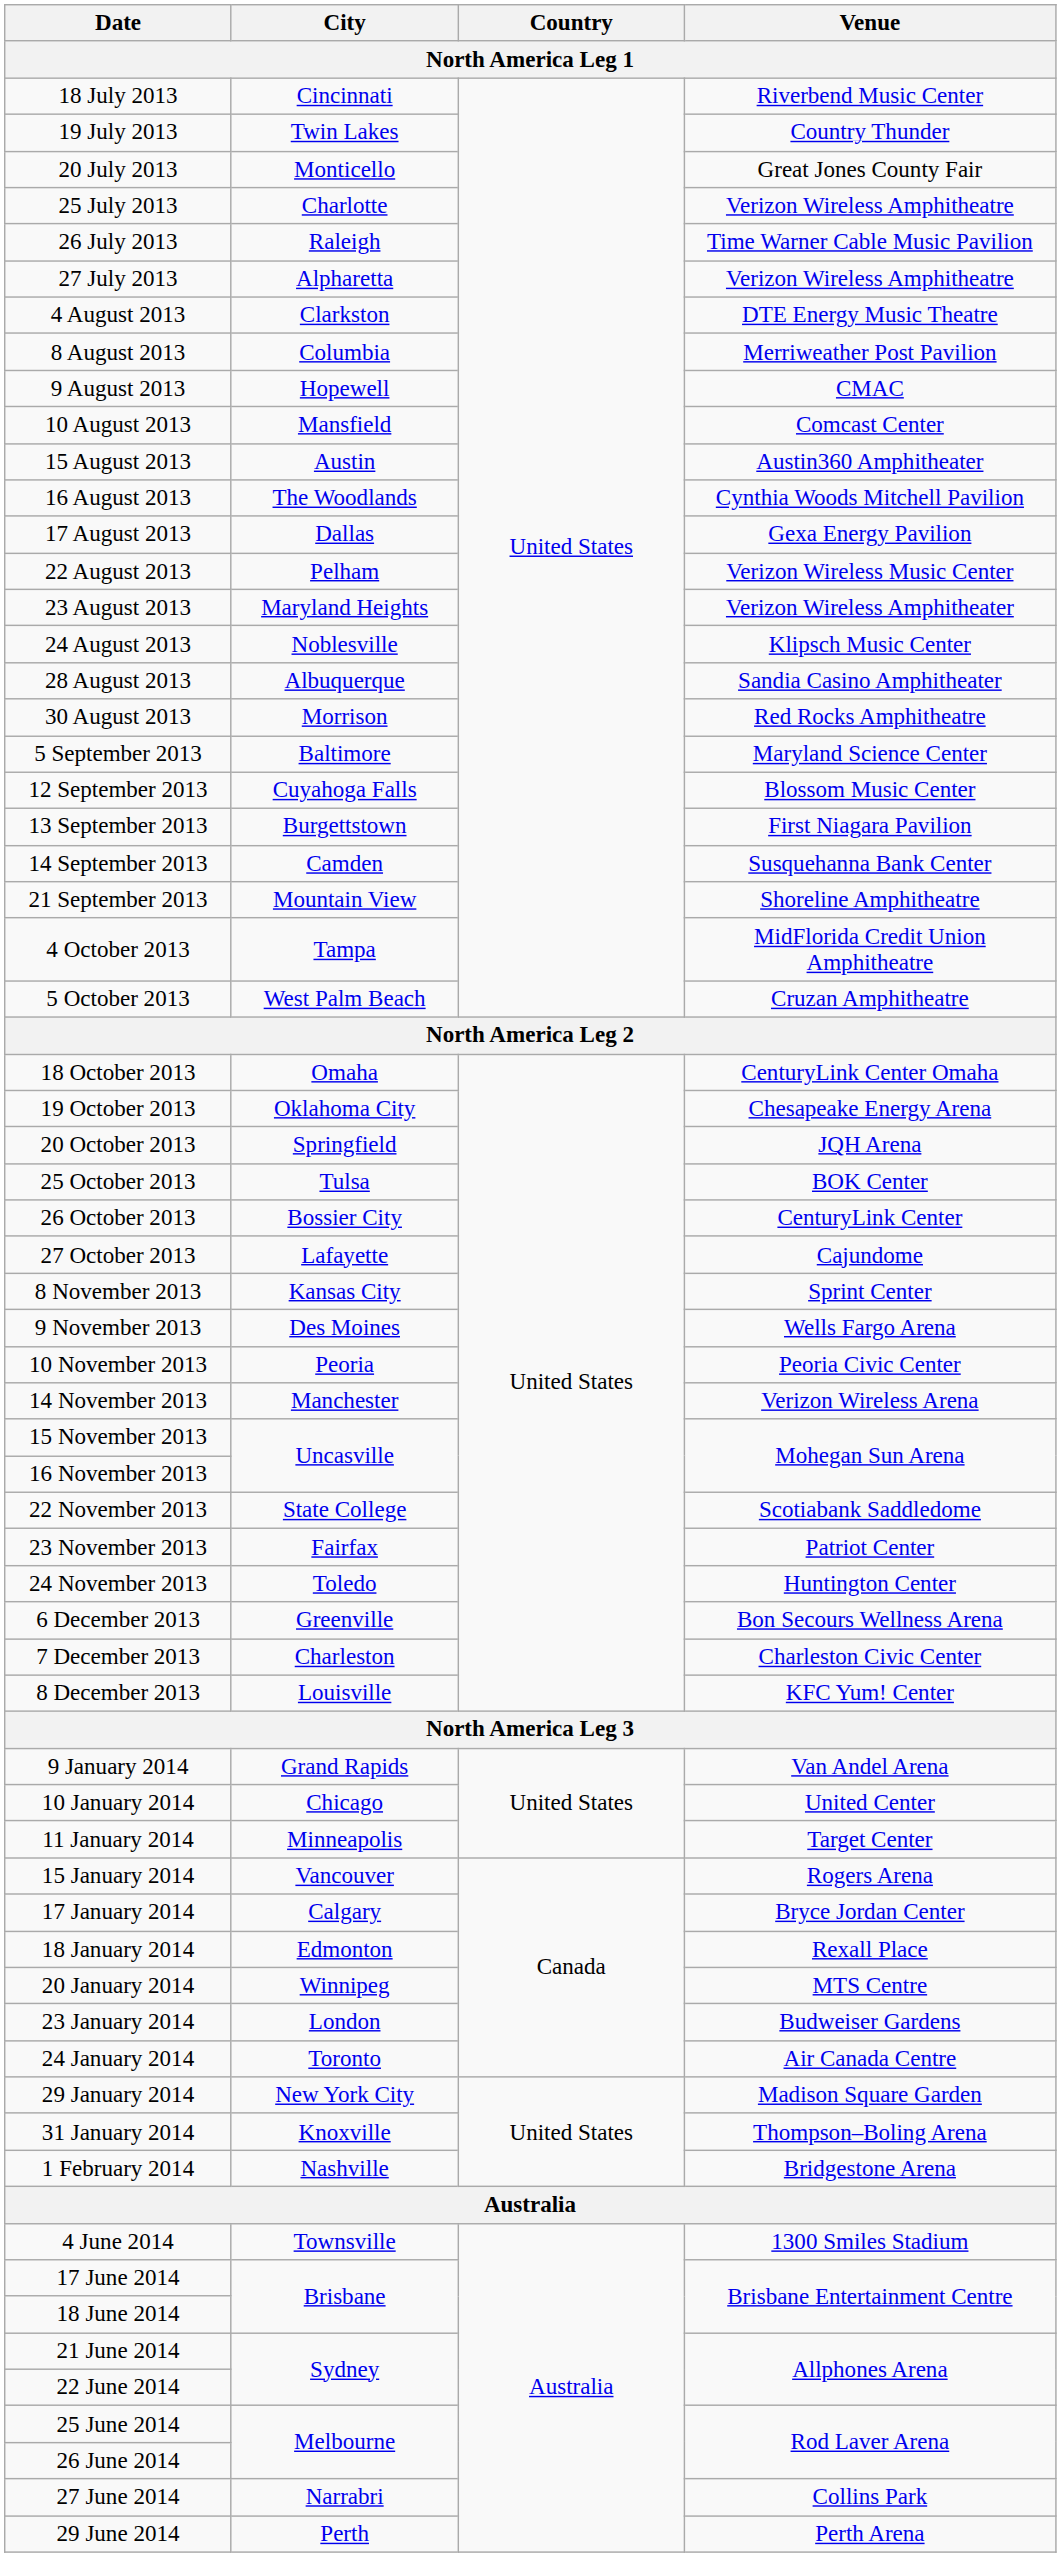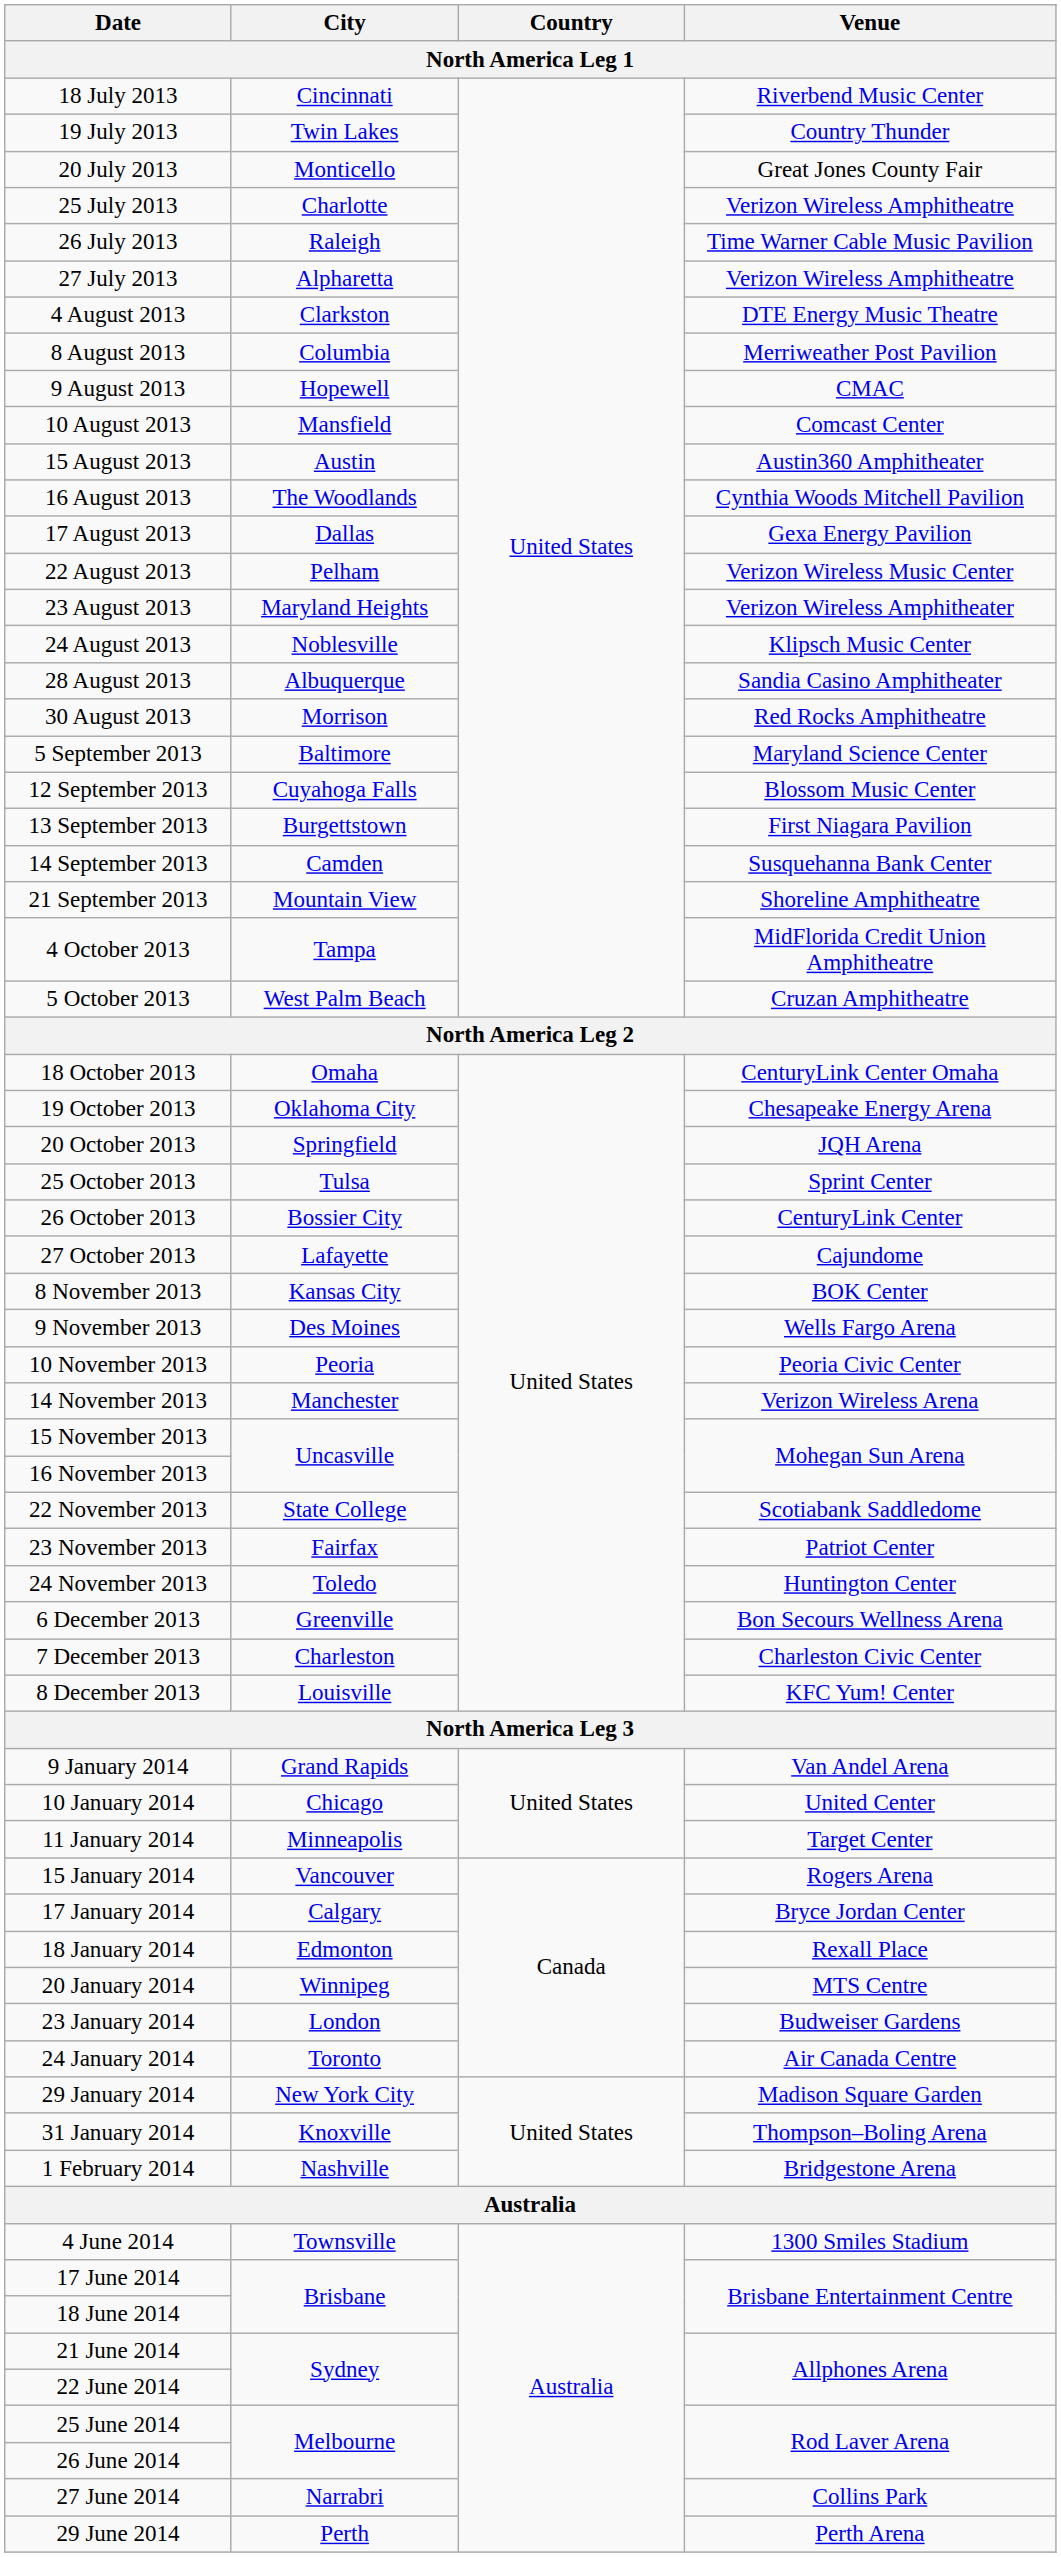 <table class="wikitable" style="text-align:center;">
 <tr>
 <th width="150">Date</th>
 <th width="150">City</th>
 <th width="150">Country</th>
 <th width="250">Venue</th>
 </tr>
 <tr>
 <th colspan="4">North America Leg 1</th>
 </tr>
 <tr>
 <td>18 July 2013</td>
 <td><a href='#'>Cincinnati</a></td>
 <td rowspan="25"><a href='#'>United States</a></td>
 <td><a href='#'>Riverbend Music Center</a></td>
 </tr>
 <tr>
 <td>19 July 2013 </td>
 <td><a href='#'>Twin Lakes</a></td>
 <td><a href='#'>Country Thunder</a></td>
 </tr>
 <tr>
 <td>20 July 2013 </td>
 <td><a href='#'>Monticello</a></td>
 <td>Great Jones County Fair</td>
 </tr>
 <tr>
 <td>25 July 2013</td>
 <td><a href='#'>Charlotte</a></td>
 <td><a href='#'>Verizon Wireless Amphitheatre</a></td>
 </tr>
 <tr>
 <td>26 July 2013</td>
 <td><a href='#'>Raleigh</a></td>
 <td><a href='#'>Time Warner Cable Music Pavilion</a></td>
 </tr>
 <tr>
 <td>27 July 2013</td>
 <td><a href='#'>Alpharetta</a></td>
 <td><a href='#'>Verizon Wireless Amphitheatre</a></td>
 </tr>
 <tr>
 <td>4 August 2013</td>
 <td><a href='#'>Clarkston</a></td>
 <td><a href='#'>DTE Energy Music Theatre</a></td>
 </tr>
 <tr>
 <td>8 August 2013</td>
 <td><a href='#'>Columbia</a></td>
 <td><a href='#'>Merriweather Post Pavilion</a></td>
 </tr>
 <tr>
 <td>9 August 2013</td>
 <td><a href='#'>Hopewell</a></td>
 <td><a href='#'>CMAC</a></td>
 </tr>
 <tr>
 <td>10 August 2013</td>
 <td><a href='#'>Mansfield</a></td>
 <td><a href='#'>Comcast Center</a></td>
 </tr>
 <tr>
 <td>15 August 2013</td>
 <td><a href='#'>Austin</a></td>
 <td><a href='#'>Austin360 Amphitheater</a></td>
 </tr>
 <tr>
 <td>16 August 2013</td>
 <td><a href='#'>The Woodlands</a></td>
 <td><a href='#'>Cynthia Woods Mitchell Pavilion</a></td>
 </tr>
 <tr>
 <td>17 August 2013</td>
 <td><a href='#'>Dallas</a></td>
 <td><a href='#'>Gexa Energy Pavilion</a></td>
 </tr>
 <tr>
 <td>22 August 2013</td>
 <td><a href='#'>Pelham</a></td>
 <td><a href='#'>Verizon Wireless Music Center</a></td>
 </tr>
 <tr>
 <td>23 August 2013</td>
 <td><a href='#'>Maryland Heights</a></td>
 <td><a href='#'>Verizon Wireless Amphitheater</a></td>
 </tr>
 <tr>
 <td>24 August 2013</td>
 <td><a href='#'>Noblesville</a></td>
 <td><a href='#'>Klipsch Music Center</a></td>
 </tr>
 <tr>
 <td>28 August 2013</td>
 <td><a href='#'>Albuquerque</a></td>
 <td><a href='#'>Sandia Casino Amphitheater</a></td>
 </tr>
 <tr>
 <td>30 August 2013 </td>
 <td><a href='#'>Morrison</a></td>
 <td><a href='#'>Red Rocks Amphitheatre</a></td>
 </tr>
 <tr>
 <td>5 September 2013</td>
 <td><a href='#'>Baltimore</a></td>
 <td><a href='#'>Maryland Science Center</a></td>
 </tr>
 <tr>
 <td>12 September 2013</td>
 <td><a href='#'>Cuyahoga Falls</a></td>
 <td><a href='#'>Blossom Music Center</a></td>
 </tr>
 <tr>
 <td>13 September 2013</td>
 <td><a href='#'>Burgettstown</a></td>
 <td><a href='#'>First Niagara Pavilion</a></td>
 </tr>
 <tr>
 <td>14 September 2013</td>
 <td><a href='#'>Camden</a></td>
 <td><a href='#'>Susquehanna Bank Center</a></td>
 </tr>
 <tr>
 <td>21 September 2013</td>
 <td><a href='#'>Mountain View</a></td>
 <td><a href='#'>Shoreline Amphitheatre</a></td>
 </tr>
 <tr>
 <td>4 October 2013</td>
 <td><a href='#'>Tampa</a></td>
 <td><a href='#'>MidFlorida Credit Union Amphitheatre</a></td>
 </tr>
 <tr>
 <td>5 October 2013</td>
 <td><a href='#'>West Palm Beach</a></td>
 <td><a href='#'>Cruzan Amphitheatre</a></td>
 </tr>
 <tr>
 <th colspan="4">North America Leg 2</th>
 </tr>
 <tr>
 <td>18 October 2013</td>
 <td><a href='#'>Omaha</a></td>
 <td rowspan="18">United States</td>
 <td><a href='#'>CenturyLink Center Omaha</a></td>
 </tr>
 <tr>
 <td>19 October 2013</td>
 <td><a href='#'>Oklahoma City</a></td>
 <td><a href='#'>Chesapeake Energy Arena</a></td>
 </tr>
 <tr>
 <td>20 October 2013</td>
 <td><a href='#'>Springfield</a></td>
 <td><a href='#'>JQH Arena</a></td>
 </tr>
 <tr>
 <td>25 October 2013</td>
 <td><a href='#'>Tulsa</a></td>
-<td><a href='#'>BOK Center</a></td>
+<td><a href='#'>Sprint Center</a></td>
 </tr>
 <tr>
 <td>26 October 2013</td>
 <td><a href='#'>Bossier City</a></td>
 <td><a href='#'>CenturyLink Center</a></td>
 </tr>
 <tr>
 <td>27 October 2013</td>
 <td><a href='#'>Lafayette</a></td>
 <td><a href='#'>Cajundome</a></td>
 </tr>
 <tr>
 <td>8 November 2013</td>
 <td><a href='#'>Kansas City</a></td>
-<td><a href='#'>Sprint Center</a></td>
+<td><a href='#'>BOK Center</a></td>
 </tr>
 <tr>
 <td>9 November 2013</td>
 <td><a href='#'>Des Moines</a></td>
 <td><a href='#'>Wells Fargo Arena</a></td>
 </tr>
 <tr>
 <td>10 November 2013</td>
 <td><a href='#'>Peoria</a></td>
 <td><a href='#'>Peoria Civic Center</a></td>
 </tr>
 <tr>
 <td>14 November 2013</td>
 <td><a href='#'>Manchester</a></td>
 <td><a href='#'>Verizon Wireless Arena</a></td>
 </tr>
 <tr>
 <td>15 November 2013</td>
 <td rowspan="2"><a href='#'>Uncasville</a></td>
 <td rowspan="2"><a href='#'>Mohegan Sun Arena</a></td>
 </tr>
 <tr>
 <td>16 November 2013</td>
 </tr>
 <tr>
 <td>22 November 2013</td>
 <td><a href='#'>State College</a></td>
 <td><a href='#'>Scotiabank Saddledome</a></td>
 </tr>
 <tr>
 <td>23 November 2013</td>
 <td><a href='#'>Fairfax</a></td>
 <td><a href='#'>Patriot Center</a></td>
 </tr>
 <tr>
 <td>24 November 2013</td>
 <td><a href='#'>Toledo</a></td>
 <td><a href='#'>Huntington Center</a></td>
 </tr>
 <tr>
 <td>6 December 2013</td>
 <td><a href='#'>Greenville</a></td>
 <td><a href='#'>Bon Secours Wellness Arena</a></td>
 </tr>
 <tr>
 <td>7 December 2013</td>
 <td><a href='#'>Charleston</a></td>
 <td><a href='#'>Charleston Civic Center</a></td>
 </tr>
 <tr>
 <td>8 December 2013</td>
 <td><a href='#'>Louisville</a></td>
 <td><a href='#'>KFC Yum! Center</a></td>
 </tr>
 <tr>
 <th colspan="4">North America Leg 3</th>
 </tr>
 <tr>
 <td>9 January 2014</td>
 <td><a href='#'>Grand Rapids</a></td>
 <td rowspan="3">United States</td>
 <td><a href='#'>Van Andel Arena</a></td>
 </tr>
 <tr>
 <td>10 January 2014</td>
 <td><a href='#'>Chicago</a></td>
 <td><a href='#'>United Center</a></td>
 </tr>
 <tr>
 <td>11 January 2014</td>
 <td><a href='#'>Minneapolis</a></td>
 <td><a href='#'>Target Center</a></td>
 </tr>
 <tr>
 <td>15 January 2014</td>
 <td><a href='#'>Vancouver</a></td>
 <td rowspan="6">Canada</td>
 <td><a href='#'>Rogers Arena</a></td>
 </tr>
 <tr>
 <td>17 January 2014</td>
 <td><a href='#'>Calgary</a></td>
 <td><a href='#'>Bryce Jordan Center</a></td>
 </tr>
 <tr>
 <td>18 January 2014</td>
 <td><a href='#'>Edmonton</a></td>
 <td><a href='#'>Rexall Place</a></td>
 </tr>
 <tr>
 <td>20 January 2014</td>
 <td><a href='#'>Winnipeg</a></td>
 <td><a href='#'>MTS Centre</a></td>
 </tr>
 <tr>
 <td>23 January 2014</td>
 <td><a href='#'>London</a></td>
 <td><a href='#'>Budweiser Gardens</a></td>
 </tr>
 <tr>
 <td>24 January 2014</td>
 <td><a href='#'>Toronto</a></td>
 <td><a href='#'>Air Canada Centre</a></td>
 </tr>
 <tr>
 <td>29 January 2014</td>
 <td><a href='#'>New York City</a></td>
 <td rowspan="3">United States</td>
 <td><a href='#'>Madison Square Garden</a></td>
 </tr>
 <tr>
 <td>31 January 2014</td>
 <td><a href='#'>Knoxville</a></td>
 <td><a href='#'>Thompson–Boling Arena</a></td>
 </tr>
 <tr>
 <td>1 February 2014</td>
 <td><a href='#'>Nashville</a></td>
 <td><a href='#'>Bridgestone Arena</a></td>
 </tr>
 <tr>
 <th colspan="4">Australia</th>
 </tr>
 <tr>
 <td>4 June 2014</td>
 <td><a href='#'>Townsville</a></td>
 <td rowspan="9"><a href='#'>Australia</a></td>
 <td><a href='#'>1300 Smiles Stadium</a></td>
 </tr>
 <tr>
 <td>17 June 2014</td>
 <td rowspan="2"><a href='#'>Brisbane</a></td>
 <td rowspan="2"><a href='#'>Brisbane Entertainment Centre</a></td>
 </tr>
 <tr>
 <td>18 June 2014</td>
 </tr>
 <tr>
 <td>21 June 2014</td>
 <td rowspan="2"><a href='#'>Sydney</a></td>
 <td rowspan="2"><a href='#'>Allphones Arena</a></td>
 </tr>
 <tr>
 <td>22 June 2014</td>
 </tr>
 <tr>
 <td>25 June 2014</td>
 <td rowspan="2"><a href='#'>Melbourne</a></td>
 <td rowspan="2"><a href='#'>Rod Laver Arena</a></td>
 </tr>
 <tr>
 <td>26 June 2014</td>
 </tr>
 <tr>
 <td>27 June 2014</td>
 <td><a href='#'>Narrabri</a></td>
 <td><a href='#'>Collins Park</a></td>
 </tr>
 <tr>
 <td>29 June 2014</td>
 <td><a href='#'>Perth</a></td>
 <td><a href='#'>Perth Arena</a></td>
 </tr>
 </table>
